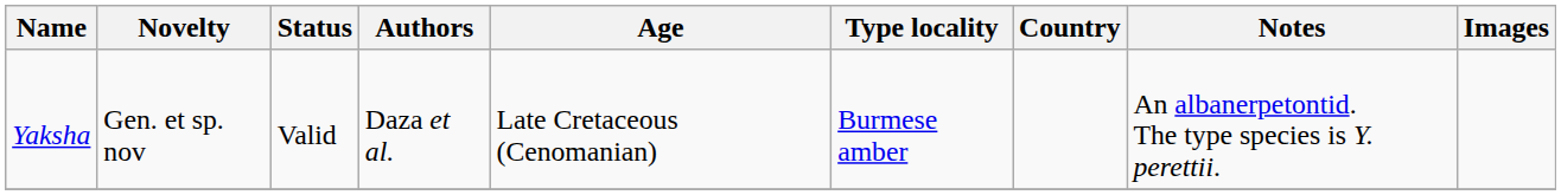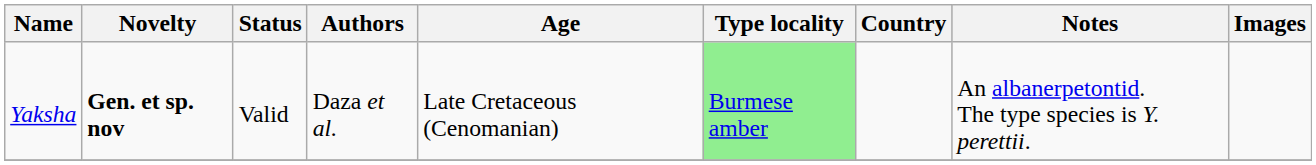 <table class="wikitable sortable"  style="margin:auto; width:100%;">
 <tr>
 <th>Name</th>
 <th>Novelty</th>
 <th>Status</th>
 <th>Authors</th>
 <th>Age</th>
 <th>Type locality</th>
 <th>Country</th>
 <th>Notes</th>
 <th>Images</th>
 </tr>
 <tr>
 <td><br><em><a href='#'>Yaksha</a></em></td>
-<td><br>Gen. et sp. nov</td>
+<td><strong><br>Gen. et sp. nov</strong></td>
 <td><br>Valid</td>
 <td><br>Daza <em>et al.</em></td>
 <td><br>Late Cretaceous (Cenomanian)</td>
-<td><br><a href='#'>Burmese amber</a></td>
+<td style="background: lightgreen;"><br><a href='#'>Burmese amber</a></td>
 <td><br></td>
 <td><br>An <a href='#'>albanerpetontid</a>.<br> The type species is <em>Y. perettii</em>.</td>
 <td></td>
 </tr>
 <tr>
 </tr>
 </table>
